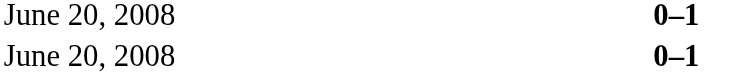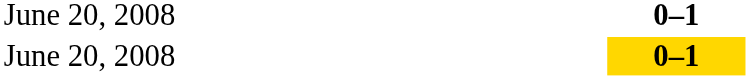 <table width=100% cellspacing=1>
 <tr>
 <th width=120></th>
 <th width=220></th>
 <th width=70></th>
 <th width=220></th>
 <th></th>
 </tr>
 <tr>
 <td align=right>June 20, 2008</td>
 <td align=right><strong></strong></td>
 <td align=center><strong>0–1</strong></td>
 <td><strong></strong></td>
 </tr>
 <tr>
 <td align=right>June 20, 2008</td>
 <td align=right><strong></strong></td>
-<td align=center><strong>0–1</strong></td>
+<td align=center style="background: gold;"><strong>0–1</strong></td>
 <td><strong></strong></td>
 </tr>
 </table>
